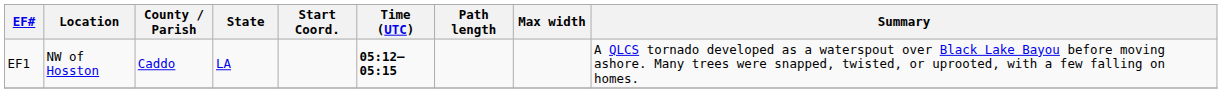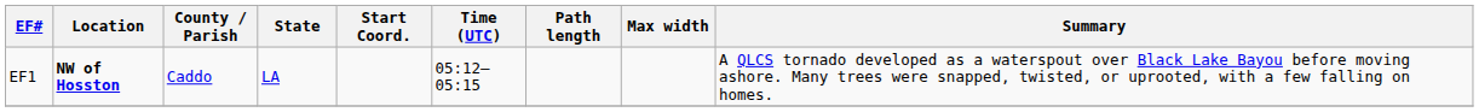 <table class="wikitable sortable" style="width:100%;">
 <tr>
 <th scope="col"  style="width:3%; text-align:center;"><a href='#'>EF#</a></th>
 <th scope="col"  style="width:7%; text-align:center;" class="unsortable">Location</th>
 <th scope="col"  style="width:6%; text-align:center;" class="unsortable">County / Parish</th>
 <th scope="col"  style="width:5%; text-align:center;">State</th>
 <th scope="col"  style="width:6%; text-align:center;">Start Coord.</th>
 <th scope="col"  style="width:6%; text-align:center;">Time (<a href='#'>UTC</a>)</th>
 <th scope="col"  style="width:6%; text-align:center;">Path length</th>
 <th scope="col"  style="width:6%; text-align:center;">Max width</th>
 <th scope="col" class="unsortable" style="width:48%; text-align:center;">Summary</th>
 </tr>
 <tr>
 <td>EF1</td>
-<td>NW of <a href='#'>Hosston</a></td>
+<td><strong>NW of <a href='#'>Hosston</a></strong></td>
 <td><a href='#'>Caddo</a></td>
 <td><a href='#'>LA</a></td>
 <td></td>
-<td><strong>05:12–05:15</strong></td>
+<td>05:12–05:15</td>
 <td></td>
 <td></td>
 <td>A <a href='#'>QLCS</a> tornado developed as a waterspout over <a href='#'>Black Lake Bayou</a> before moving ashore. Many trees were snapped, twisted, or uprooted, with a few falling on homes.</td>
 </tr>
 <tr>
 </tr>
 </table>
